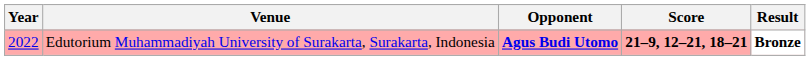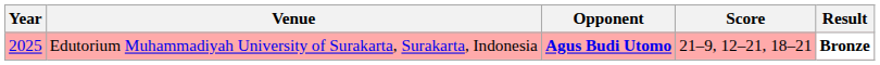 <table class="sortable wikitable" style="font-size: 90%;">
 <tr>
 <th>Year</th>
 <th>Venue</th>
 <th>Opponent</th>
 <th>Score</th>
 <th>Result</th>
 </tr>
 <tr style="background:#FFAAAA">
-<td align="center"><a href='#'>2022</a></td>
+<td align="center"><a href='#'>2025</a></td>
 <td align="left">Edutorium <a href='#'>Muhammadiyah University of Surakarta</a>, <a href='#'>Surakarta</a>, Indonesia</td>
 <td align="left"><strong> <a href='#'>Agus Budi Utomo</a></strong></td>
-<td align="left"><strong>21–9, 12–21, 18–21</strong></td>
+<td align="left">21–9, 12–21, 18–21</td>
 <td style="text-align:left; background:white"> <strong>Bronze</strong></td>
 </tr>
 </table>
